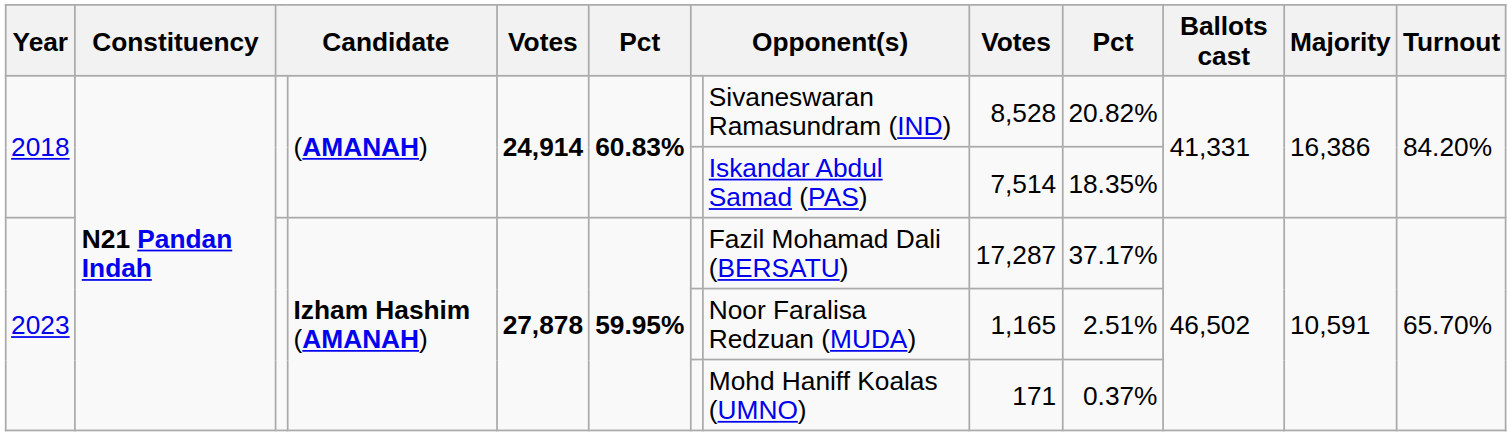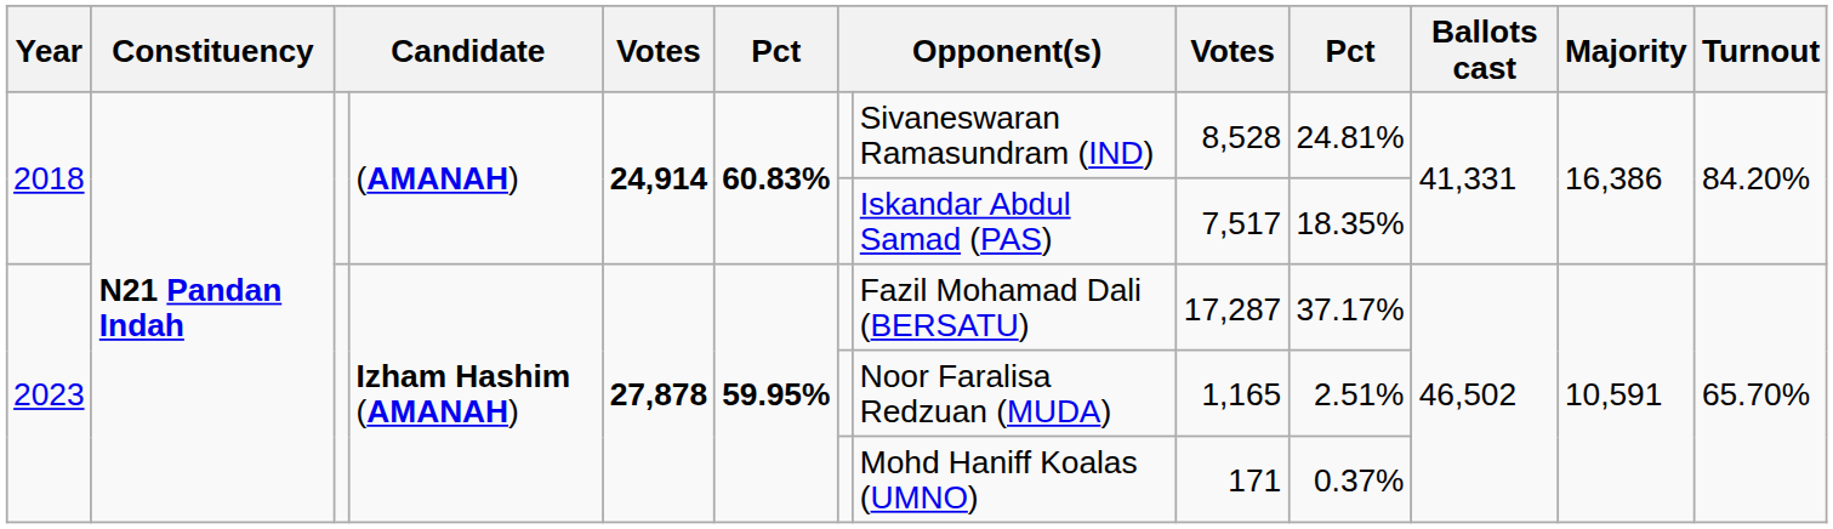 <table class="wikitable" style="margin:0.5em ; font-size:95%">
 <tr>
 <th>Year</th>
 <th>Constituency</th>
 <th colspan=2>Candidate</th>
 <th>Votes</th>
 <th>Pct</th>
 <th colspan=2>Opponent(s)</th>
 <th>Votes</th>
 <th>Pct</th>
 <th>Ballots cast</th>
 <th>Majority</th>
 <th>Turnout</th>
 </tr>
 <tr>
 <td rowspan=2><a href='#'>2018</a></td>
 <td rowspan=5><strong>N21 <a href='#'>Pandan Indah</a></strong></td>
 <td rowspan=2 ></td>
 <td rowspan=2> (<a href='#'><strong>AMANAH</strong></a>)</td>
 <td rowspan=2 align="right"><strong>24,914</strong></td>
 <td rowspan=2><strong>60.83%</strong></td>
 <td></td>
 <td>Sivaneswaran Ramasundram (<a href='#'>IND</a>)</td>
 <td align="right">8,528</td>
-<td>20.82%</td>
+<td>24.81%</td>
 <td rowspan=2>41,331</td>
 <td rowspan=2>16,386</td>
 <td rowspan=2>84.20%</td>
 </tr>
 <tr>
 <td></td>
 <td><a href='#'>Iskandar Abdul Samad</a> (<a href='#'>PAS</a>)</td>
-<td align="right">7,514</td>
+<td align="right">7,517</td>
 <td>18.35%</td>
 </tr>
 <tr>
 <td rowspan="3”"><a href='#'>2023</a></td>
 <td rowspan="3" ></td>
 <td rowspan="3"><strong>Izham Hashim</strong> (<a href='#'><strong>AMANAH</strong></a>)</td>
 <td rowspan="3" align="right"><strong>27,878</strong></td>
 <td rowspan="3"><strong>59.95%</strong></td>
 <td></td>
 <td>Fazil Mohamad Dali (<a href='#'>BERSATU</a>)</td>
 <td align="right">17,287</td>
 <td>37.17%</td>
 <td rowspan="3">46,502</td>
 <td rowspan="3">10,591</td>
 <td rowspan="3">65.70%</td>
 </tr>
 <tr>
 <td></td>
 <td>Noor Faralisa Redzuan (<a href='#'>MUDA</a>)</td>
 <td align="right">1,165</td>
 <td align="right">2.51%</td>
 </tr>
 <tr>
 <td></td>
 <td>Mohd Haniff Koalas (<a href='#'>UMNO</a>)</td>
 <td align="right">171</td>
 <td align="right">0.37%</td>
 </tr>
 </table>
